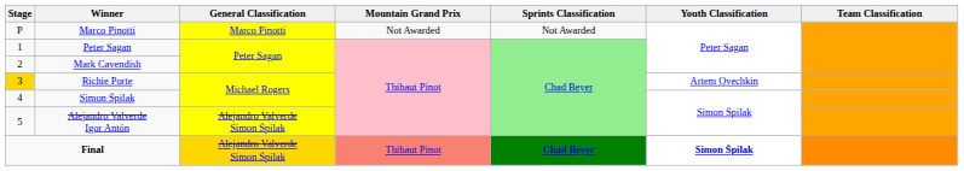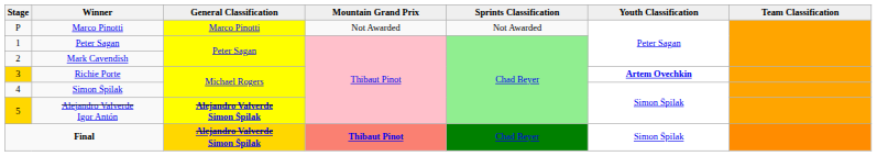 <table class="wikitable" style="text-align: center; font-size:smaller;">
 <tr>
 <th width="1%">Stage</th>
 <th width="14%">Winner</th>
 <th style="background:#EFEFEF;" width="15%">General Classification<br></th>
 <th style="background:#EFEFEF;" width="15%">Mountain Grand Prix<br></th>
 <th style="background:#EFEFEF;" width="15%">Sprints Classification<br></th>
 <th style="background:#EFEFEF;" width="15%">Youth Classification<br></th>
 <th style="background:#EFEFEF;" width="15%">Team Classification</th>
 </tr>
 <tr>
 <td>P</td>
 <td><a href='#'>Marco Pinotti</a></td>
 <td style="background-color:yellow"><a href='#'>Marco Pinotti</a></td>
 <td style="background-color:offwhite">Not Awarded</td>
 <td style="background-color:offwhite">Not Awarded</td>
 <td style="background:white;" rowspan="3"><a href='#'>Peter Sagan</a></td>
 <td style="background:orange;" rowspan="3"></td>
 </tr>
 <tr>
 <td>1</td>
 <td><a href='#'>Peter Sagan</a></td>
 <td style="background:yellow;" rowspan="2"><a href='#'>Peter Sagan</a></td>
 <td style="background:pink;" rowspan="5"><a href='#'>Thibaut Pinot</a></td>
 <td style="background:lightgreen;" rowspan="5"><a href='#'>Chad Beyer</a></td>
 </tr>
 <tr>
 <td>2</td>
 <td><a href='#'>Mark Cavendish</a></td>
 </tr>
 <tr>
 <td style="background: gold;">3</td>
 <td><a href='#'>Richie Porte</a></td>
 <td style="background:yellow;" rowspan="2"><a href='#'>Michael Rogers</a></td>
-<td style="background:white;"><a href='#'>Artem Ovechkin</a></td>
+<td style="background:white;"><strong><a href='#'>Artem Ovechkin</a></strong></td>
 <td style="background:orange;" rowspan="1"></td>
 </tr>
 <tr>
 <td>4</td>
 <td><a href='#'>Simon Špilak</a></td>
 <td style="background:white;" rowspan="2"><a href='#'>Simon Špilak</a></td>
 <td style="background:orange;" rowspan="1"></td>
 </tr>
 <tr>
-<td>5</td>
+<td style="background: gold;">5</td>
 <td><del><a href='#'>Alejandro Valverde</a></del><br><a href='#'>Igor Antón</a></td>
-<td style="background:yellow;" rowspan="1"><del><a href='#'>Alejandro Valverde</a></del><br><a href='#'>Simon Špilak</a></td>
+<td style="background:yellow;" rowspan="1"><strong><del><a href='#'>Alejandro Valverde</a></del><br><a href='#'>Simon Špilak</a></strong></td>
 <td style="background:orange;" rowspan="1"></td>
 </tr>
 <tr>
 <td colspan="2"><strong>Final</strong><br></td>
-<td style="background:gold;" rowspan="1"><del><a href='#'>Alejandro Valverde</a></del><br><a href='#'>Simon Špilak</a></td>
-<td style="background:salmon;" rowspan="1"><a href='#'>Thibaut Pinot</a></td>
-<td style="background:green;" rowspan="1"><strong><a href='#'>Chad Beyer</a></strong></td>
-<td style="background:white;" rowspan="1"><strong><a href='#'>Simon Špilak</a></strong></td>
+<td style="background:gold;" rowspan="1"><strong><del><a href='#'>Alejandro Valverde</a></del><br><a href='#'>Simon Špilak</a></strong></td>
+<td style="background:salmon;" rowspan="1"><strong><a href='#'>Thibaut Pinot</a></strong></td>
+<td style="background:green;" rowspan="1"><a href='#'>Chad Beyer</a></td>
+<td style="background:white;" rowspan="1"><a href='#'>Simon Špilak</a></td>
 <td style="background:darkorange;" rowspan="1"></td>
 </tr>
 </table>
